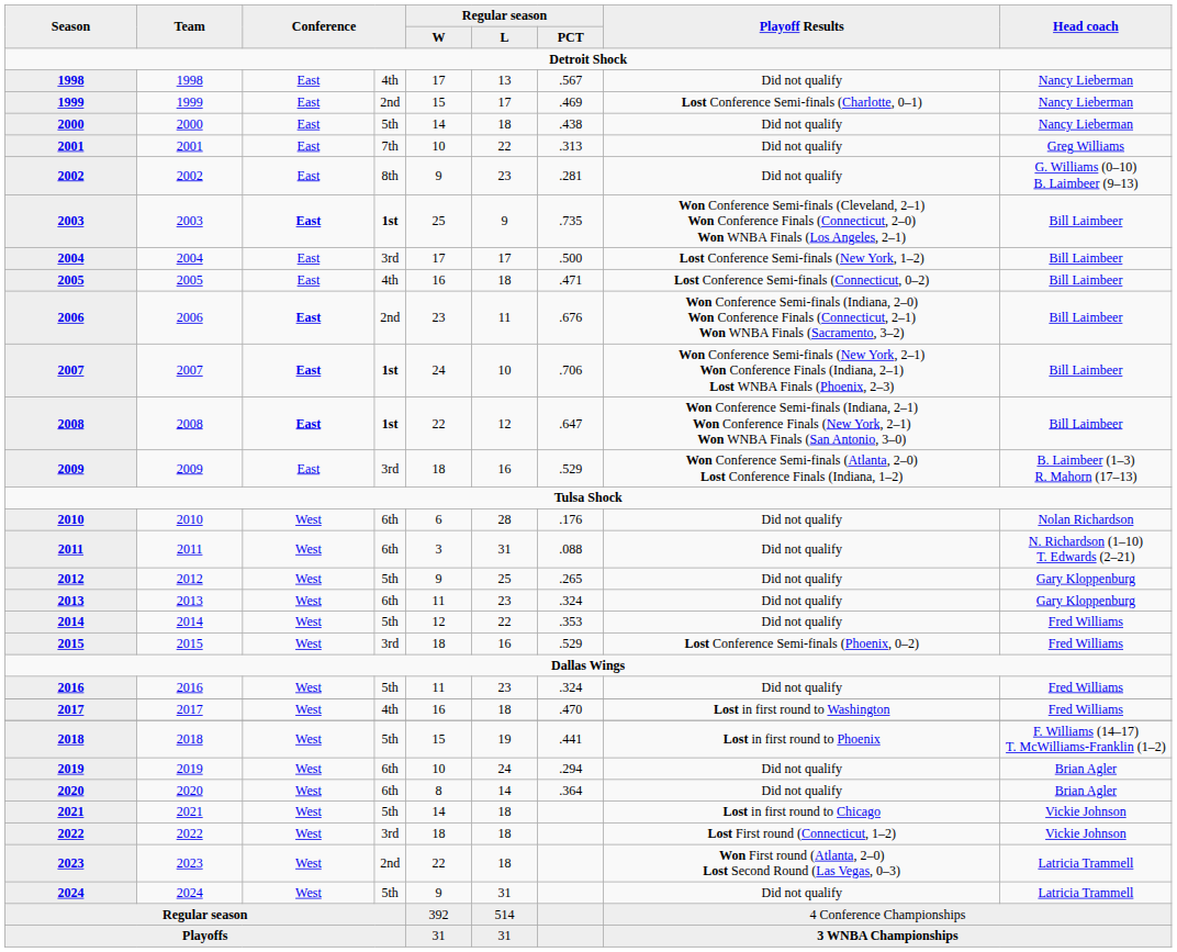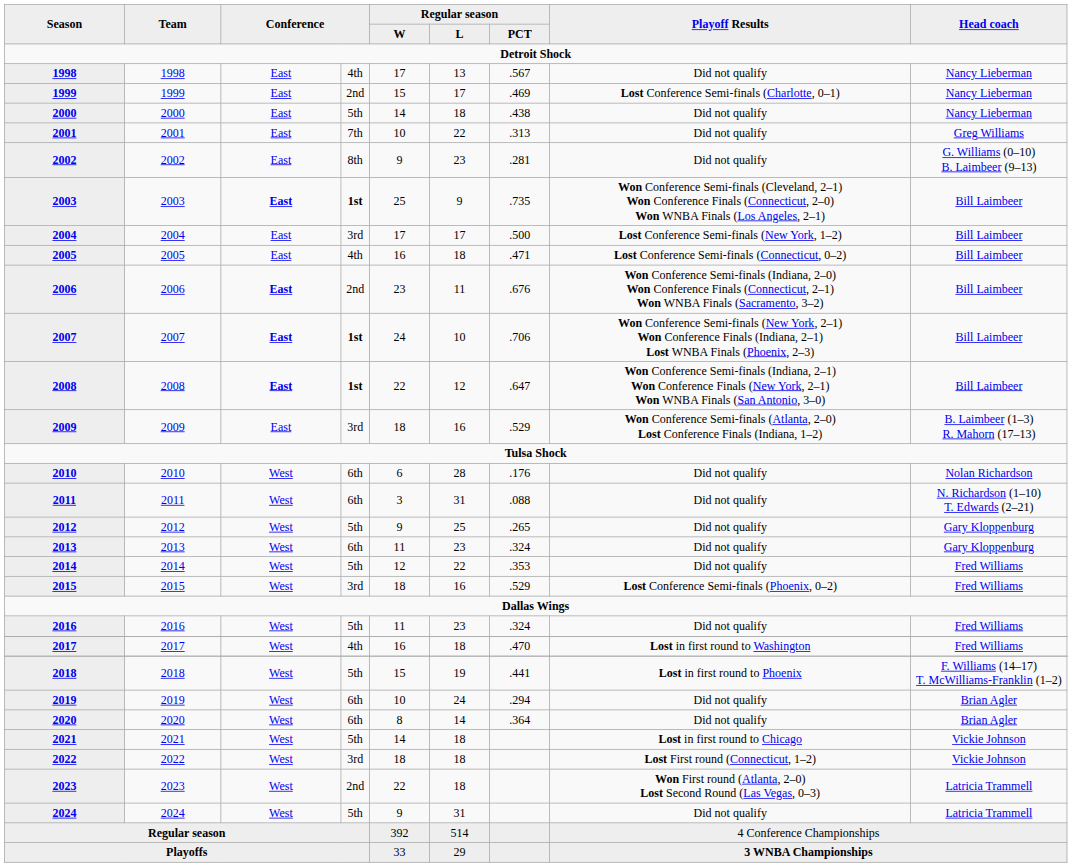 <table class="wikitable" style="font-size:95%; text-align: center; width: 85%; margin:1em auto;">
 <tr>
 <th rowspan="2" style="background:#eee; width: 10%;">Season</th>
 <th rowspan="2" style="background:#eee; width: 8%;">Team</th>
 <th rowspan="2" colspan="2" style="background:#eee; width: 12%;">Conference</th>
 <th colspan="3" style="background:#eee; width: 15%;">Regular season</th>
 <th rowspan="2" style="background:#eee; width: 30%;"><a href='#'>Playoff</a> Results</th>
 <th rowspan="2" style="background:#eee; width: 13%;"><a href='#'>Head coach</a></th>
 </tr>
 <tr>
 <th style="background:#eee; width: 5%;">W</th>
 <th style="background:#eee; width: 5%;">L</th>
 <th style="background:#eee; width: 5%;">PCT</th>
 </tr>
 <tr>
 <td colspan="9" style="text-align:center; "><strong>Detroit Shock</strong></td>
 </tr>
 <tr style="text-align:center;">
 <th style="background:#eee;"><a href='#'>1998</a></th>
 <td><a href='#'>1998</a></td>
 <td style="width: 10%"><a href='#'>East</a></td>
 <td>4th</td>
 <td>17</td>
 <td>13</td>
 <td>.567</td>
 <td>Did not qualify</td>
 <td><a href='#'>Nancy Lieberman</a></td>
 </tr>
 <tr style="text-align:center;">
 <th style="background:#eee;"><a href='#'>1999</a></th>
 <td><a href='#'>1999</a></td>
 <td style="width: 10%"><a href='#'>East</a></td>
 <td>2nd</td>
 <td>15</td>
 <td>17</td>
 <td>.469</td>
 <td><strong>Lost</strong> Conference Semi-finals (<a href='#'>Charlotte</a>, 0–1)</td>
 <td><a href='#'>Nancy Lieberman</a></td>
 </tr>
 <tr style="text-align:center;">
 <th style="background:#eee;"><a href='#'>2000</a></th>
 <td><a href='#'>2000</a></td>
 <td style="width: 10%"><a href='#'>East</a></td>
 <td>5th</td>
 <td>14</td>
 <td>18</td>
 <td>.438</td>
 <td>Did not qualify</td>
 <td><a href='#'>Nancy Lieberman</a></td>
 </tr>
 <tr style="text-align:center;">
 <th style="background:#eee;"><a href='#'>2001</a></th>
 <td><a href='#'>2001</a></td>
 <td style="width: 10%"><a href='#'>East</a></td>
 <td>7th</td>
 <td>10</td>
 <td>22</td>
 <td>.313</td>
 <td>Did not qualify</td>
 <td><a href='#'>Greg Williams</a></td>
 </tr>
 <tr style="text-align:center;">
 <th style="background:#eee;"><a href='#'>2002</a></th>
 <td><a href='#'>2002</a></td>
 <td style="width: 10%"><a href='#'>East</a></td>
 <td>8th</td>
 <td>9</td>
 <td>23</td>
 <td>.281</td>
 <td>Did not qualify</td>
 <td><a href='#'>G. Williams</a> (0–10)<br><a href='#'>B. Laimbeer</a> (9–13)</td>
 </tr>
 <tr style="text-align:center;">
 <th style="background:#eee;"><a href='#'>2003</a></th>
 <td><a href='#'>2003</a></td>
 <td style="width: 10%"><strong><a href='#'>East</a></strong></td>
 <td><strong>1st</strong></td>
 <td>25</td>
 <td>9</td>
 <td>.735</td>
 <td><strong>Won</strong> Conference Semi-finals (Cleveland, 2–1)<br> <strong>Won</strong> Conference Finals (<a href='#'>Connecticut</a>, 2–0)<br> <strong>Won</strong> WNBA Finals (<a href='#'>Los Angeles</a>, 2–1)</td>
 <td><a href='#'>Bill Laimbeer</a></td>
 </tr>
 <tr style="text-align:center;">
 <th style="background:#eee;"><a href='#'>2004</a></th>
 <td><a href='#'>2004</a></td>
 <td style="width: 10%"><a href='#'>East</a></td>
 <td>3rd</td>
 <td>17</td>
 <td>17</td>
 <td>.500</td>
 <td><strong>Lost</strong> Conference Semi-finals (<a href='#'>New York</a>, 1–2)</td>
 <td><a href='#'>Bill Laimbeer</a></td>
 </tr>
 <tr style="text-align:center;">
 <th style="background:#eee;"><a href='#'>2005</a></th>
 <td><a href='#'>2005</a></td>
 <td style="width: 10%"><a href='#'>East</a></td>
 <td>4th</td>
 <td>16</td>
 <td>18</td>
 <td>.471</td>
 <td><strong>Lost</strong> Conference Semi-finals (<a href='#'>Connecticut</a>, 0–2)</td>
 <td><a href='#'>Bill Laimbeer</a></td>
 </tr>
 <tr style="text-align:center;">
 <th style="background:#eee;"><a href='#'>2006</a></th>
 <td><a href='#'>2006</a></td>
 <td style="width: 10%"><strong><a href='#'>East</a></strong></td>
 <td>2nd</td>
 <td>23</td>
 <td>11</td>
 <td>.676</td>
 <td><strong>Won</strong> Conference Semi-finals (Indiana, 2–0)<br> <strong>Won</strong> Conference Finals (<a href='#'>Connecticut</a>, 2–1)<br> <strong>Won</strong> WNBA Finals (<a href='#'>Sacramento</a>, 3–2)</td>
 <td><a href='#'>Bill Laimbeer</a></td>
 </tr>
 <tr style="text-align:center;">
 <th style="background:#eee;"><a href='#'>2007</a></th>
 <td><a href='#'>2007</a></td>
 <td style="width: 10%"><strong><a href='#'>East</a></strong></td>
 <td><strong>1st</strong></td>
 <td>24</td>
 <td>10</td>
 <td>.706</td>
 <td><strong>Won</strong> Conference Semi-finals (<a href='#'>New York</a>, 2–1)<br> <strong>Won</strong> Conference Finals (Indiana, 2–1)<br> <strong>Lost</strong> WNBA Finals (<a href='#'>Phoenix</a>, 2–3)</td>
 <td><a href='#'>Bill Laimbeer</a></td>
 </tr>
 <tr style="text-align:center;">
 <th style="background:#eee;"><a href='#'>2008</a></th>
 <td><a href='#'>2008</a></td>
 <td style="width: 10%"><strong><a href='#'>East</a></strong></td>
 <td><strong>1st</strong></td>
 <td>22</td>
 <td>12</td>
 <td>.647</td>
 <td><strong>Won</strong> Conference Semi-finals (Indiana, 2–1)<br> <strong>Won</strong> Conference Finals (<a href='#'>New York</a>, 2–1)<br> <strong>Won</strong> WNBA Finals (<a href='#'>San Antonio</a>, 3–0)</td>
 <td><a href='#'>Bill Laimbeer</a></td>
 </tr>
 <tr style="text-align:center;">
 <th style="background:#eee;"><a href='#'>2009</a></th>
 <td><a href='#'>2009</a></td>
 <td style="width: 10%"><a href='#'>East</a></td>
 <td>3rd</td>
 <td>18</td>
 <td>16</td>
 <td>.529</td>
 <td><strong>Won</strong> Conference Semi-finals (<a href='#'>Atlanta</a>, 2–0)<br> <strong>Lost</strong> Conference Finals (Indiana, 1–2)</td>
 <td><a href='#'>B. Laimbeer</a> (1–3)<br><a href='#'>R. Mahorn</a> (17–13)</td>
 </tr>
 <tr>
 <td colspan="9" style="text-align:center; "><strong>Tulsa Shock</strong></td>
 </tr>
 <tr style="text-align:center;">
 <th style="background:#eee;"><a href='#'>2010</a></th>
 <td><a href='#'>2010</a></td>
 <td style="width: 10%"><a href='#'>West</a></td>
 <td>6th</td>
 <td>6</td>
 <td>28</td>
 <td>.176</td>
 <td>Did not qualify</td>
 <td><a href='#'>Nolan Richardson</a></td>
 </tr>
 <tr style="text-align:center;">
 <th style="background:#eee;"><a href='#'>2011</a></th>
 <td><a href='#'>2011</a></td>
 <td style="width: 10%"><a href='#'>West</a></td>
 <td>6th</td>
 <td>3</td>
 <td>31</td>
 <td>.088</td>
 <td>Did not qualify</td>
 <td><a href='#'>N. Richardson</a> (1–10)<br><a href='#'>T. Edwards</a> (2–21)</td>
 </tr>
 <tr style="text-align:center;">
 <th style="background:#eee;"><a href='#'>2012</a></th>
 <td><a href='#'>2012</a></td>
 <td style="width: 10%"><a href='#'>West</a></td>
 <td>5th</td>
 <td>9</td>
 <td>25</td>
 <td>.265</td>
 <td>Did not qualify</td>
 <td><a href='#'>Gary Kloppenburg</a></td>
 </tr>
 <tr align="center">
 <th style="background:#eee;"><a href='#'>2013</a></th>
 <td><a href='#'>2013</a></td>
 <td style="width: 10%"><a href='#'>West</a></td>
 <td>6th</td>
 <td>11</td>
 <td>23</td>
 <td>.324</td>
 <td>Did not qualify</td>
 <td><a href='#'>Gary Kloppenburg</a></td>
 </tr>
 <tr align="center">
 <th style="background:#eee;"><a href='#'>2014</a></th>
 <td><a href='#'>2014</a></td>
 <td style="width: 10%"><a href='#'>West</a></td>
 <td>5th</td>
 <td>12</td>
 <td>22</td>
 <td>.353</td>
 <td>Did not qualify</td>
 <td><a href='#'>Fred Williams</a></td>
 </tr>
 <tr align="center">
 <th style="background:#eee;"><a href='#'>2015</a></th>
 <td><a href='#'>2015</a></td>
 <td style="width: 10%"><a href='#'>West</a></td>
 <td>3rd</td>
 <td>18</td>
 <td>16</td>
 <td>.529</td>
 <td><strong>Lost</strong> Conference Semi-finals (<a href='#'>Phoenix</a>, 0–2)</td>
 <td><a href='#'>Fred Williams</a></td>
 </tr>
 <tr>
 <td colspan="9" style="text-align:center; "><strong>Dallas Wings</strong></td>
 </tr>
 <tr style="text-align:center;">
 <th style="background:#eee;"><a href='#'>2016</a></th>
 <td><a href='#'>2016</a></td>
 <td style="width: 10%"><a href='#'>West</a></td>
 <td>5th</td>
 <td>11</td>
 <td>23</td>
 <td>.324</td>
 <td>Did not qualify</td>
 <td><a href='#'>Fred Williams</a></td>
 </tr>
 <tr>
 </tr>
 <tr style="text-align:center;">
 <th style="background:#eee;"><a href='#'>2017</a></th>
 <td><a href='#'>2017</a></td>
 <td style="width: 10%"><a href='#'>West</a></td>
 <td>4th</td>
 <td>16</td>
 <td>18</td>
 <td>.470</td>
 <td><strong>Lost</strong> in first round to <a href='#'>Washington</a></td>
 <td><a href='#'>Fred Williams</a></td>
 </tr>
 <tr>
 </tr>
 <tr style="text-align:center;">
 <th style="background:#eee;"><a href='#'>2018</a></th>
 <td><a href='#'>2018</a></td>
 <td style="width: 10%"><a href='#'>West</a></td>
 <td>5th</td>
 <td>15</td>
 <td>19</td>
 <td>.441</td>
 <td><strong>Lost</strong> in first round to <a href='#'>Phoenix</a></td>
 <td><a href='#'>F. Williams</a> (14–17)<br><a href='#'>T. McWilliams-Franklin</a> (1–2)</td>
 </tr>
 <tr style="text-align:center;">
 <th style="background:#eee;"><a href='#'>2019</a></th>
 <td><a href='#'>2019</a></td>
 <td style="width: 10%"><a href='#'>West</a></td>
 <td>6th</td>
 <td>10</td>
 <td>24</td>
 <td>.294</td>
 <td>Did not qualify</td>
 <td><a href='#'>Brian Agler</a></td>
 </tr>
 <tr style="text-align:center;">
 <th style="background:#eee;"><a href='#'>2020</a></th>
 <td><a href='#'>2020</a></td>
 <td style="width= 10%"><a href='#'>West</a></td>
 <td>6th</td>
 <td>8</td>
 <td>14</td>
 <td>.364</td>
 <td>Did not qualify</td>
 <td><a href='#'>Brian Agler</a></td>
 </tr>
 <tr style="text-align:center;">
 <th style="background:#eee;"><a href='#'>2021</a></th>
 <td><a href='#'>2021</a></td>
 <td style="width= 10%"><a href='#'>West</a></td>
 <td>5th</td>
 <td>14</td>
 <td>18</td>
 <td></td>
 <td><strong>Lost</strong> in first round to <a href='#'>Chicago</a></td>
 <td><a href='#'>Vickie Johnson</a></td>
 </tr>
 <tr style="text-align:center;">
 <th style="background:#eee;"><a href='#'>2022</a></th>
 <td><a href='#'>2022</a></td>
 <td style="width= 10%"><a href='#'>West</a></td>
 <td>3rd</td>
 <td>18</td>
 <td>18</td>
 <td></td>
 <td><strong>Lost</strong> First round (<a href='#'>Connecticut</a>, 1–2)</td>
 <td><a href='#'>Vickie Johnson</a></td>
 </tr>
 <tr style="text-align:center;">
 <th style="background:#eee;"><a href='#'>2023</a></th>
 <td><a href='#'>2023</a></td>
 <td style="width= 10%"><a href='#'>West</a></td>
 <td>2nd</td>
 <td>22</td>
 <td>18</td>
 <td></td>
 <td><strong>Won</strong> First round (<a href='#'>Atlanta</a>, 2–0)<br><strong>Lost</strong> Second Round (<a href='#'>Las Vegas</a>, 0–3)</td>
 <td><a href='#'>Latricia Trammell</a></td>
 </tr>
 <tr style="text-align:center;">
 <th style="background:#eee;"><a href='#'>2024</a></th>
 <td><a href='#'>2024</a></td>
 <td style="width= 10%"><a href='#'>West</a></td>
 <td>5th</td>
 <td>9</td>
 <td>31</td>
 <td></td>
 <td>Did not qualify</td>
 <td><a href='#'>Latricia Trammell</a></td>
 </tr>
 <tr>
 <th colspan="4" style="background:#eee;">Regular season</th>
 <td style="background:#eee;">392</td>
 <td style="background:#eee;">514</td>
 <td style="background:#eee;"></td>
 <td colspan="2" style="background:#eee;">4 Conference Championships</td>
 </tr>
 <tr>
 <th colspan="4" style="background:#eee;">Playoffs</th>
-<td style="background:#eee;">31</td>
-<td style="background:#eee;">31</td>
+<td style="background:#eee;">33</td>
+<td style="background:#eee;">29</td>
 <td style="background:#eee;"></td>
 <td colspan="2" style="background:#eee;"><strong>3 WNBA Championships</strong></td>
 </tr>
 </table>
